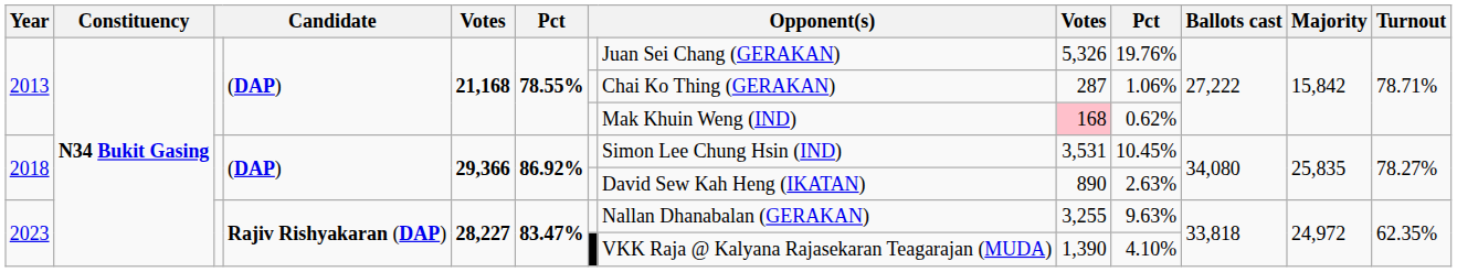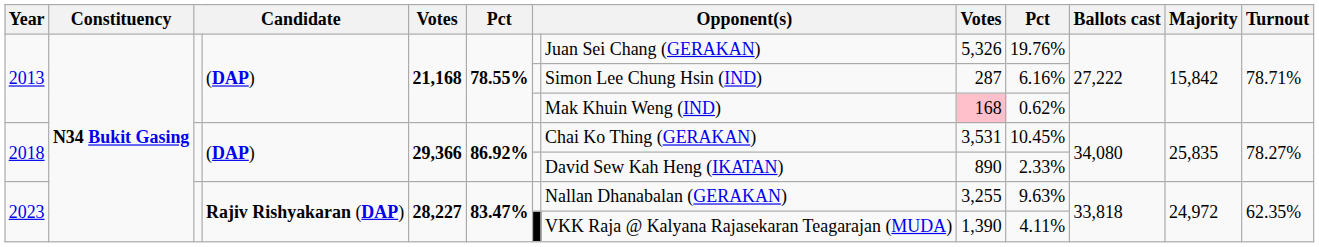 <table class="wikitable" style="margin:0.5em ; font-size:95%">
 <tr>
 <th>Year</th>
 <th>Constituency</th>
 <th colspan=2>Candidate</th>
 <th>Votes</th>
 <th>Pct</th>
 <th colspan=2>Opponent(s)</th>
 <th>Votes</th>
 <th>Pct</th>
 <th>Ballots cast</th>
 <th>Majority</th>
 <th>Turnout</th>
 </tr>
 <tr>
 <td rowspan=3><a href='#'>2013</a></td>
 <td rowspan="7"><strong>N34 <a href='#'>Bukit Gasing</a></strong></td>
 <td rowspan=3 ></td>
 <td rowspan=3> (<a href='#'><strong>DAP</strong></a>)</td>
 <td rowspan=3 align="right"><strong>21,168</strong></td>
 <td rowspan=3><strong>78.55%</strong></td>
 <td></td>
 <td>Juan Sei Chang (<a href='#'>GERAKAN</a>)</td>
 <td align="right">5,326</td>
 <td>19.76%</td>
 <td rowspan=3>27,222</td>
 <td rowspan=3>15,842</td>
 <td rowspan=3>78.71%</td>
 </tr>
 <tr>
 <td></td>
-<td>Chai Ko Thing (<a href='#'>GERAKAN</a>)</td>
+<td>Simon Lee Chung Hsin (<a href='#'>IND</a>)</td>
 <td align="right">287</td>
-<td align="right">1.06%</td>
+<td align="right">6.16%</td>
 </tr>
 <tr>
 <td></td>
 <td>Mak Khuin Weng (<a href='#'>IND</a>)</td>
 <td align="right" style="background: pink;">168</td>
 <td align="right">0.62%</td>
 </tr>
 <tr>
 <td rowspan=2><a href='#'>2018</a></td>
 <td rowspan=2 ></td>
 <td rowspan=2> (<a href='#'><strong>DAP</strong></a>)</td>
 <td rowspan=2 align="right"><strong>29,366</strong></td>
 <td rowspan=2><strong>86.92%</strong></td>
 <td></td>
-<td>Simon Lee Chung Hsin (<a href='#'>IND</a>)</td>
+<td>Chai Ko Thing (<a href='#'>GERAKAN</a>)</td>
 <td align="right">3,531</td>
 <td>10.45%</td>
 <td rowspan=2>34,080</td>
 <td rowspan=2>25,835</td>
 <td rowspan=2>78.27%</td>
 </tr>
 <tr>
 <td></td>
 <td>David Sew Kah Heng (<a href='#'>IKATAN</a>)</td>
 <td align="right">890</td>
-<td align="right">2.63%</td>
+<td align="right">2.33%</td>
 </tr>
 <tr>
 <td rowspan="2"><a href='#'>2023</a></td>
 <td rowspan="2" ></td>
 <td rowspan="2"><strong>Rajiv Rishyakaran</strong> (<a href='#'><strong>DAP</strong></a>)</td>
 <td rowspan="2" align=right><strong>28,227</strong></td>
 <td rowspan="2"><strong>83.47%</strong></td>
 <td></td>
 <td>Nallan Dhanabalan (<a href='#'>GERAKAN</a>)</td>
 <td align=right>3,255</td>
 <td align=right>9.63%</td>
 <td rowspan="2">33,818</td>
 <td rowspan="2">24,972</td>
 <td rowspan="2">62.35%</td>
 </tr>
 <tr>
 <td bgcolor="black"></td>
 <td>VKK Raja @ Kalyana Rajasekaran Teagarajan (<a href='#'>MUDA</a>)</td>
 <td align=right>1,390</td>
-<td align=right>4.10%</td>
+<td align=right>4.11%</td>
 </tr>
 </table>
